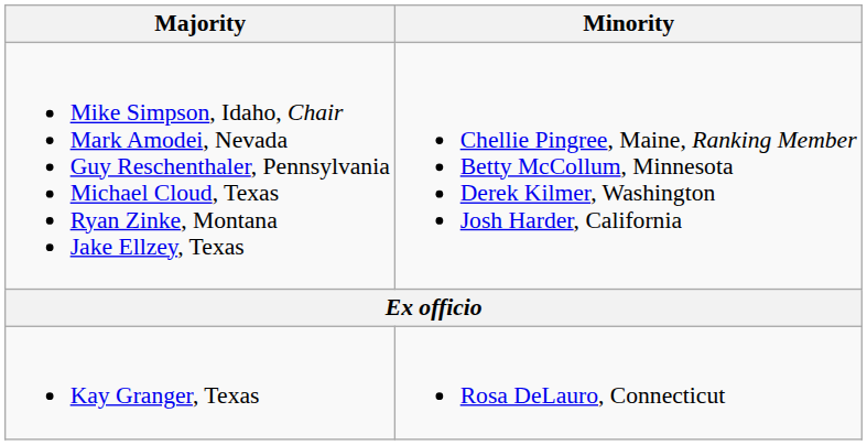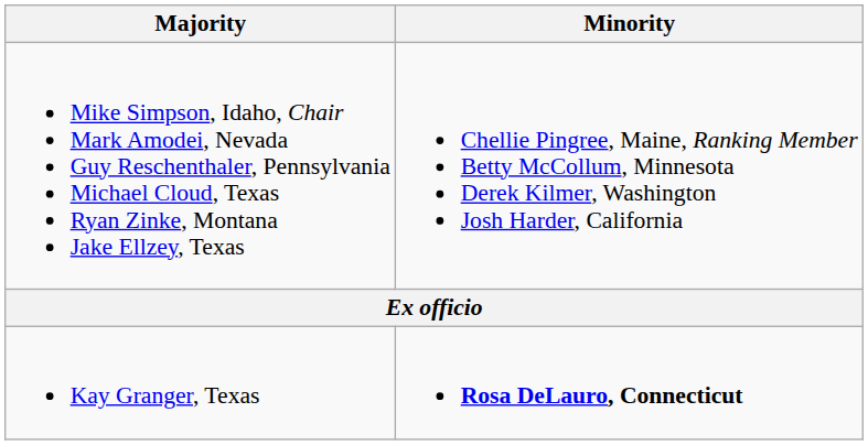 <table class=wikitable>
 <tr>
 <th>Majority</th>
 <th>Minority</th>
 </tr>
 <tr>
 <td><br><ul><li><a href='#'>Mike Simpson</a>, Idaho, <em>Chair</em></li><li><a href='#'>Mark Amodei</a>, Nevada</li><li><a href='#'>Guy Reschenthaler</a>, Pennsylvania</li><li><a href='#'>Michael Cloud</a>, Texas</li><li><a href='#'>Ryan Zinke</a>, Montana</li><li><a href='#'>Jake Ellzey</a>, Texas</li></ul></td>
 <td><br><ul><li><a href='#'>Chellie Pingree</a>, Maine, <em>Ranking Member</em></li><li><a href='#'>Betty McCollum</a>, Minnesota</li><li><a href='#'>Derek Kilmer</a>, Washington</li><li><a href='#'>Josh Harder</a>, California</li></ul></td>
 </tr>
 <tr>
 <th colspan=2><em>Ex officio</em></th>
 </tr>
 <tr>
 <td><br><ul><li><a href='#'>Kay Granger</a>, Texas</li></ul></td>
-<td><br><ul><li><a href='#'>Rosa DeLauro</a>, Connecticut</li></ul></td>
+<td><strong><br><ul><li><a href='#'>Rosa DeLauro</a>, Connecticut</li></ul></strong></td>
 </tr>
 </table>
